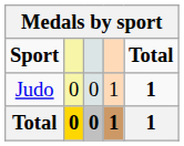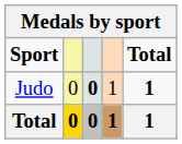 <table class="wikitable" style=font-size:85%>
 <tr style="background:#efefef;">
 <th colspan=5><strong>Medals by sport</strong></th>
 </tr>
 <tr align=center>
 <td><strong>Sport</strong></td>
 <td bgcolor=#f7f6a8></td>
 <td bgcolor=#dce5e5></td>
 <td bgcolor=#ffdab9></td>
 <td><strong>Total</strong></td>
 </tr>
 <tr align=center>
 <td><a href='#'>Judo</a></td>
 <td style="background:#F7F6A8;">0</td>
-<td style="background:#DCE5E5;">0</td>
+<td style="background:#DCE5E5;"><strong>0</strong></td>
 <td style="background:#FFDAB9;">1</td>
 <td><strong>1</strong></td>
 </tr>
 <tr align=center>
 <th><strong>Total</strong></th>
 <th style="background:gold;"><strong>0</strong></th>
 <th style="background:silver;"><strong>0</strong></th>
 <th style="background:#c96;"><strong>1</strong></th>
 <th><strong>1</strong></th>
 </tr>
 </table>
